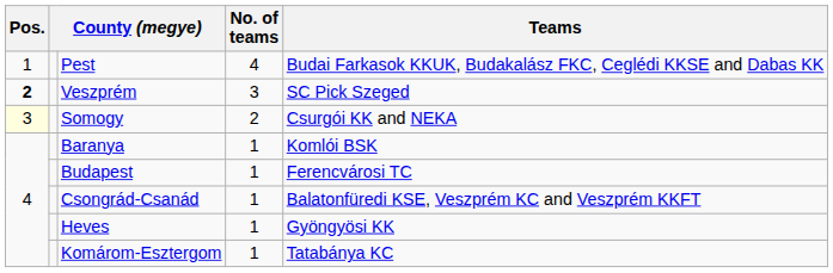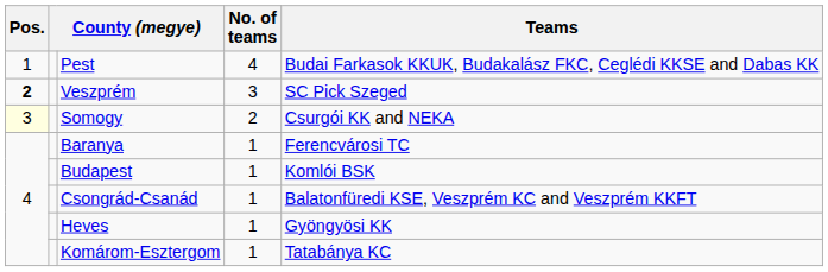 <table class="wikitable" style="float:left;margin-right:2em;">
 <tr>
 <th>Pos.</th>
 <th colspan=2><a href='#'>County</a> <em>(megye)</em></th>
 <th width=30>No. of teams</th>
 <th>Teams</th>
 </tr>
 <tr>
 <td rowspan="1" align="center">1</td>
 <td align=center></td>
 <td><a href='#'>Pest</a></td>
 <td align="center">4</td>
 <td><a href='#'>Budai Farkasok KKUK</a>, <a href='#'>Budakalász FKC</a>, <a href='#'>Ceglédi KKSE</a> and <a href='#'>Dabas KK</a></td>
 </tr>
 <tr>
 <td rowspan="1" align="center"><strong>2</strong></td>
 <td align=center></td>
 <td><a href='#'>Veszprém</a></td>
 <td align="center">3</td>
 <td><a href='#'>SC Pick Szeged</a></td>
 </tr>
 <tr>
 <td rowspan="1" align="center" style="background: lightyellow;">3</td>
 <td align=center></td>
 <td><a href='#'>Somogy</a></td>
 <td align="center">2</td>
 <td><a href='#'>Csurgói KK</a> and <a href='#'>NEKA</a></td>
 </tr>
 <tr>
 <td rowspan="5" align="center">4</td>
 <td align=center></td>
 <td><a href='#'>Baranya</a></td>
 <td align="center">1</td>
-<td><a href='#'>Komlói BSK</a></td>
+<td><a href='#'>Ferencvárosi TC</a></td>
 </tr>
 <tr>
 <td align=center></td>
 <td><a href='#'>Budapest</a></td>
 <td align="center">1</td>
-<td><a href='#'>Ferencvárosi TC</a></td>
+<td><a href='#'>Komlói BSK</a></td>
 </tr>
 <tr>
 <td align=center></td>
 <td><a href='#'>Csongrád-Csanád</a></td>
 <td align="center">1</td>
 <td><a href='#'>Balatonfüredi KSE</a>, <a href='#'>Veszprém KC</a> and <a href='#'>Veszprém KKFT</a></td>
 </tr>
 <tr>
 <td align=center></td>
 <td><a href='#'>Heves</a></td>
 <td align="center">1</td>
 <td><a href='#'>Gyöngyösi KK</a></td>
 </tr>
 <tr>
 <td align=center></td>
 <td><a href='#'>Komárom-Esztergom</a></td>
 <td align="center">1</td>
 <td><a href='#'>Tatabánya KC</a></td>
 </tr>
 </table>
